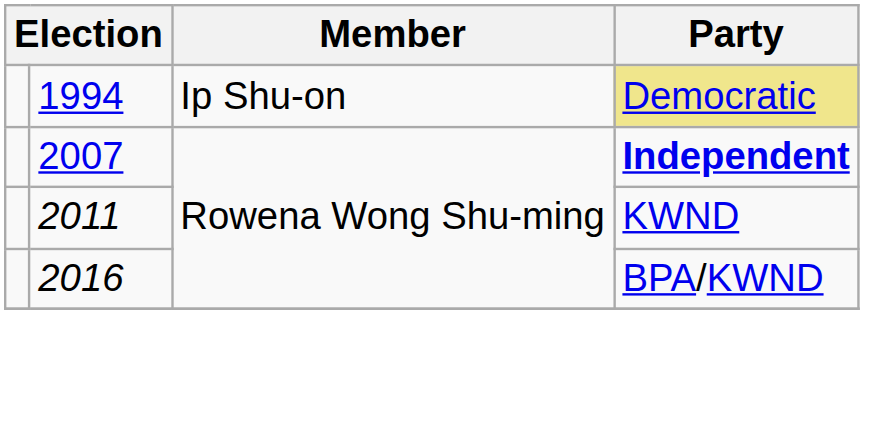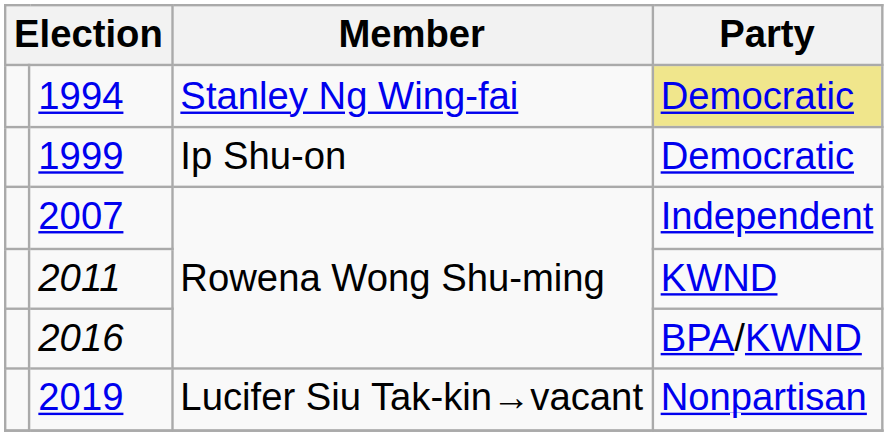 <table class="wikitable">
 <tr>
 <th colspan="2">Election</th>
 <th>Member</th>
 <th>Party</th>
 </tr>
 <tr>
 <td style="background-color: "></td>
 <td><a href='#'>1994</a></td>
+<td><a href='#'>Stanley Ng Wing-fai</a></td>
+<td style="background: khaki;"><a href='#'>Democratic</a></td>
+</tr>
+<tr>
+<td style="background-color: "></td>
+<td><a href='#'>1999</a></td>
 <td>Ip Shu-on</td>
-<td style="background: khaki;"><a href='#'>Democratic</a></td>
+<td><a href='#'>Democratic</a></td>
 </tr>
 <tr>
 <td style="background-color:"></td>
 <td><a href='#'>2007</a></td>
 <td rowspan=3>Rowena Wong Shu-ming</td>
-<td><strong><a href='#'>Independent</a></strong></td>
+<td><a href='#'>Independent</a></td>
 </tr>
 <tr>
 <td style="background-color:"></td>
 <td><em>2011</em></td>
 <td><a href='#'>KWND</a></td>
 </tr>
 <tr>
 <td style="background-color:"></td>
 <td><em>2016</em></td>
 <td><a href='#'>BPA</a>/<a href='#'>KWND</a></td>
 </tr>
 <tr>
+<td style="background-color:"></td>
+<td><a href='#'>2019</a></td>
+<td>Lucifer Siu Tak-kin→vacant</td>
+<td><a href='#'>Nonpartisan</a></td>
+</tr>
+<tr>
 </tr>
 </table>
